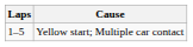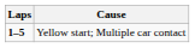 <table class="wikitable" style="font-size:95%;">
 <tr>
 <th>Laps</th>
 <th>Cause</th>
 </tr>
 <tr>
-<td>1–5</td>
+<td><strong>1–5</strong></td>
 <td>Yellow start; Multiple car contact</td>
 </tr>
 </table>
